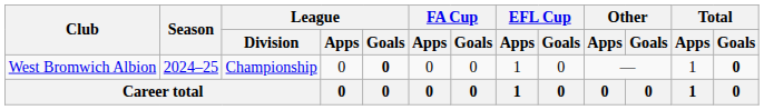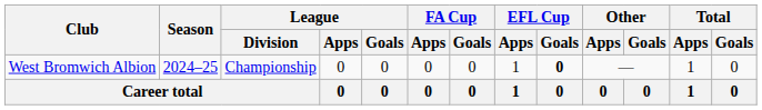 <table class=wikitable style=text-align:center>
 <tr>
 <th rowspan=2>Club</th>
 <th rowspan=2>Season</th>
 <th colspan=3>League</th>
 <th colspan=2><a href='#'>FA Cup</a></th>
 <th colspan=2><a href='#'>EFL Cup</a></th>
 <th colspan=2>Other</th>
 <th colspan=2>Total</th>
 </tr>
 <tr>
 <th>Division</th>
 <th>Apps</th>
 <th>Goals</th>
 <th>Apps</th>
 <th>Goals</th>
 <th>Apps</th>
 <th>Goals</th>
 <th>Apps</th>
 <th>Goals</th>
 <th>Apps</th>
 <th>Goals</th>
 </tr>
 <tr>
 <td><a href='#'>West Bromwich Albion</a></td>
 <td><a href='#'>2024–25</a></td>
 <td><a href='#'>Championship</a></td>
 <td>0</td>
-<td><strong>0</strong></td>
+<td>0</td>
 <td>0</td>
 <td>0</td>
 <td>1</td>
-<td>0</td>
+<td><strong>0</strong></td>
 <td colspan=2>—</td>
 <td>1</td>
-<td><strong>0</strong></td>
+<td>0</td>
 </tr>
 <tr>
 <th colspan=3>Career total</th>
 <th>0</th>
 <th>0</th>
 <th>0</th>
 <th>0</th>
 <th>1</th>
 <th>0</th>
 <th>0</th>
 <th>0</th>
 <th>1</th>
 <th>0</th>
 </tr>
 </table>
